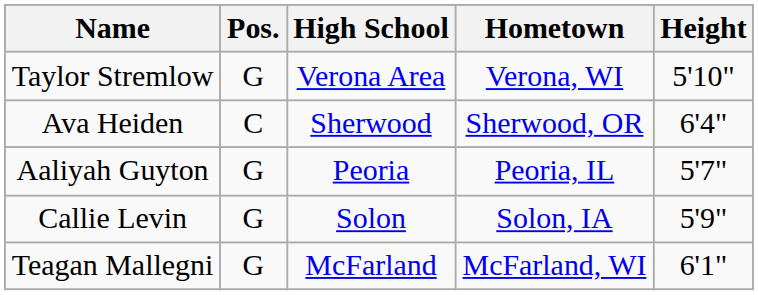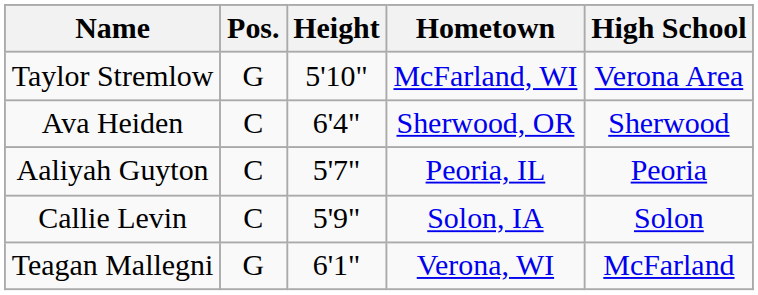 <table class="wikitable sortable" style="text-align:center">
 <tr align=center>
 <th>Name</th>
 <th>Pos.</th>
+<th>Height</th>
+<th>Hometown</th>
 <th class="unsortable">High School</th>
-<th>Hometown</th>
-<th>Height</th>
 </tr>
 <tr>
 <td>Taylor Stremlow</td>
 <td>G</td>
+<td>5'10"</td>
+<td><a href='#'>McFarland, WI</a></td>
 <td><a href='#'> Verona Area</a></td>
-<td><a href='#'>Verona, WI</a></td>
-<td>5'10"</td>
 </tr>
 <tr>
 <td>Ava Heiden</td>
 <td>C</td>
+<td>6'4"</td>
+<td><a href='#'>Sherwood, OR</a></td>
 <td><a href='#'> Sherwood</a></td>
-<td><a href='#'>Sherwood, OR</a></td>
-<td>6'4"</td>
 </tr>
 <tr>
 <td>Aaliyah Guyton</td>
-<td>G</td>
+<td>C</td>
+<td>5'7"</td>
+<td><a href='#'>Peoria, IL</a></td>
 <td><a href='#'> Peoria</a></td>
-<td><a href='#'>Peoria, IL</a></td>
-<td>5'7"</td>
 </tr>
 <tr>
 <td>Callie Levin</td>
-<td>G</td>
+<td>C</td>
+<td>5'9"</td>
+<td><a href='#'>Solon, IA</a></td>
 <td><a href='#'> Solon</a></td>
-<td><a href='#'>Solon, IA</a></td>
-<td>5'9"</td>
 </tr>
 <tr>
 <td>Teagan Mallegni</td>
 <td>G</td>
+<td>6'1"</td>
+<td><a href='#'>Verona, WI</a></td>
 <td><a href='#'> McFarland</a></td>
-<td><a href='#'>McFarland, WI</a></td>
-<td>6'1"</td>
 </tr>
 </table>
